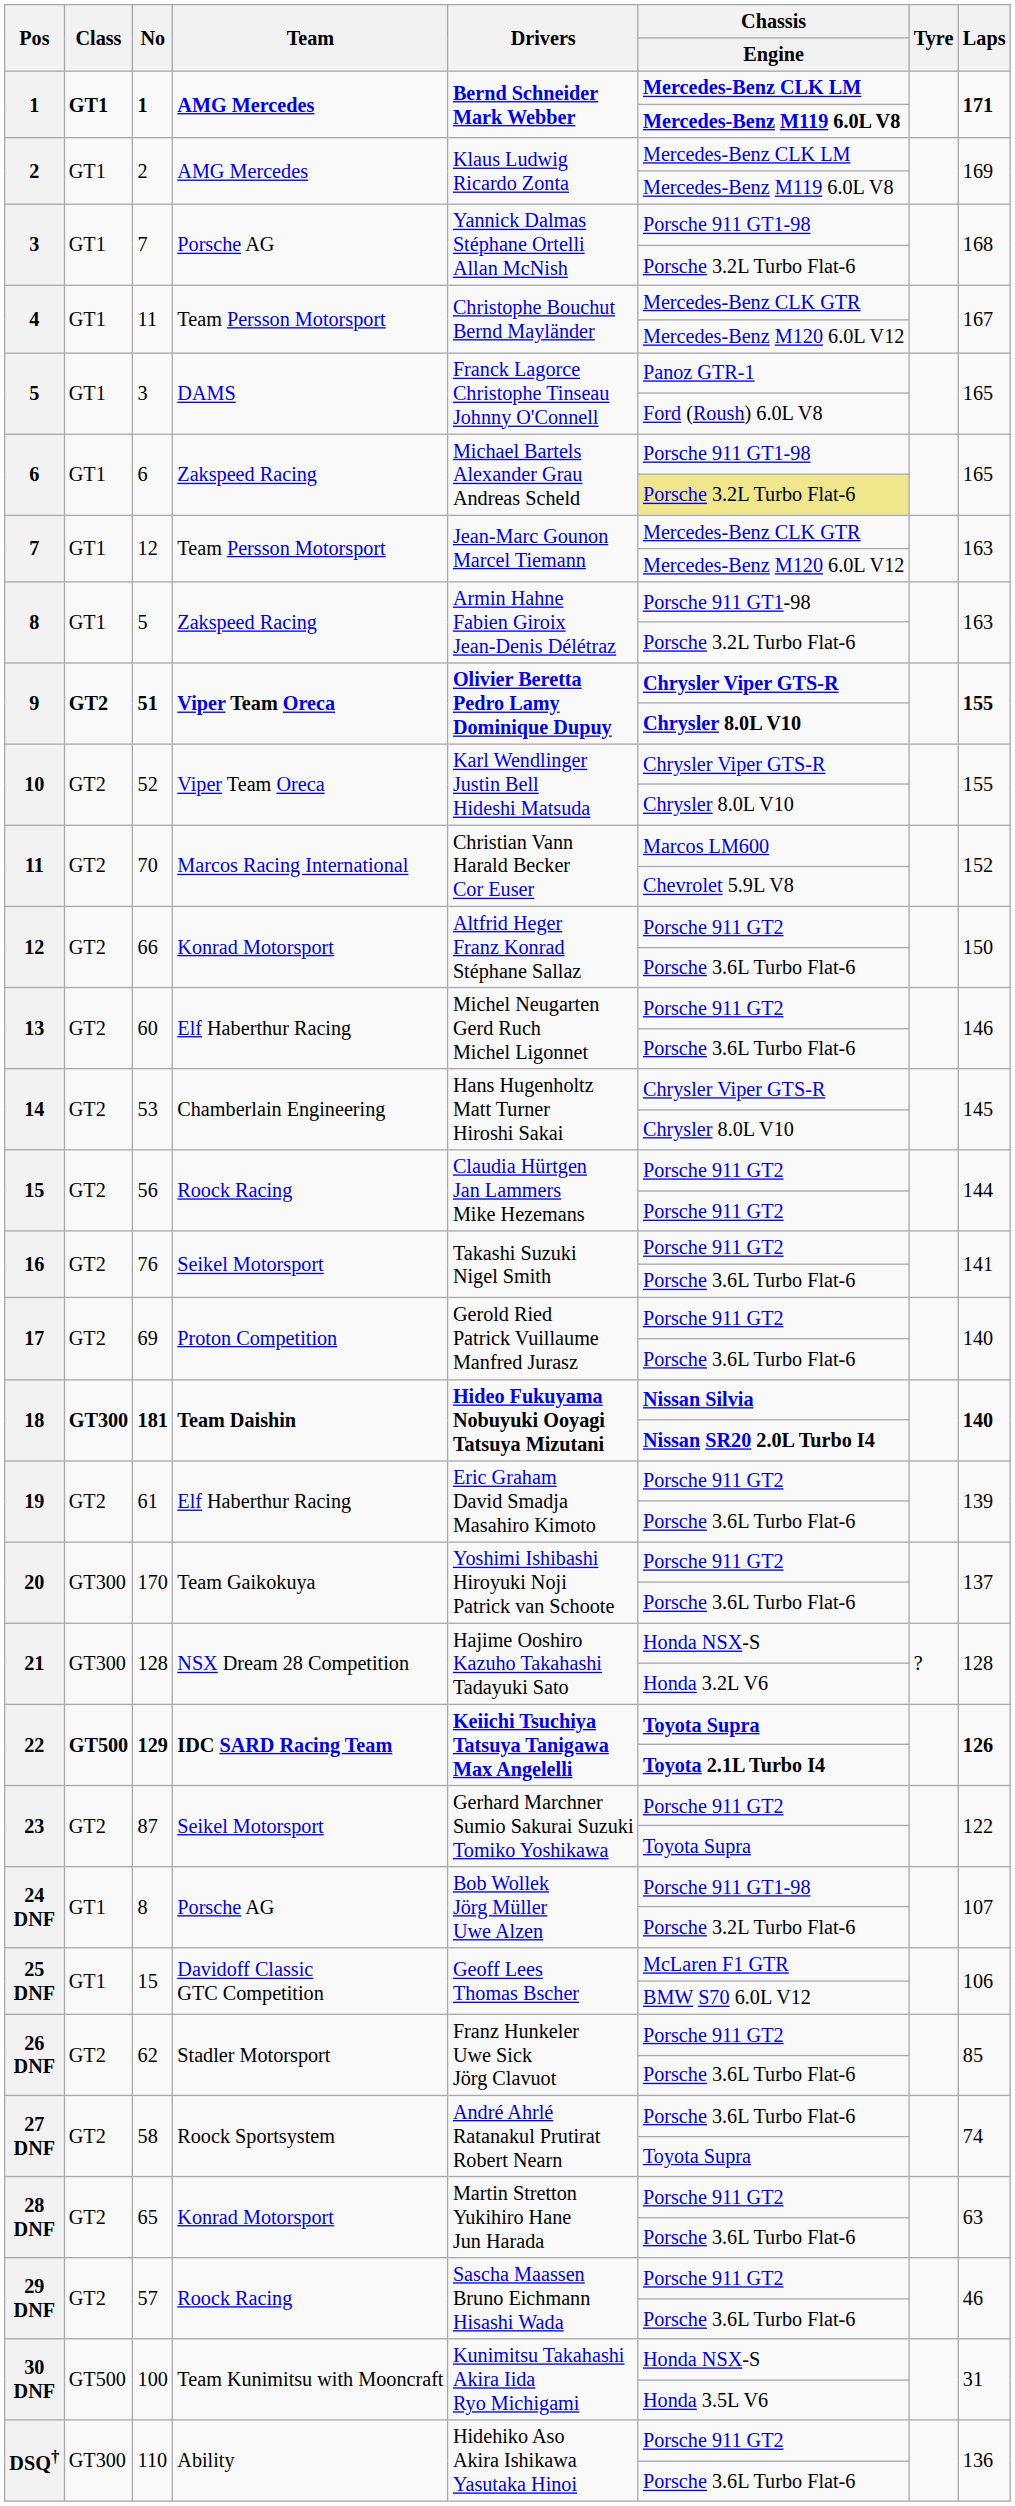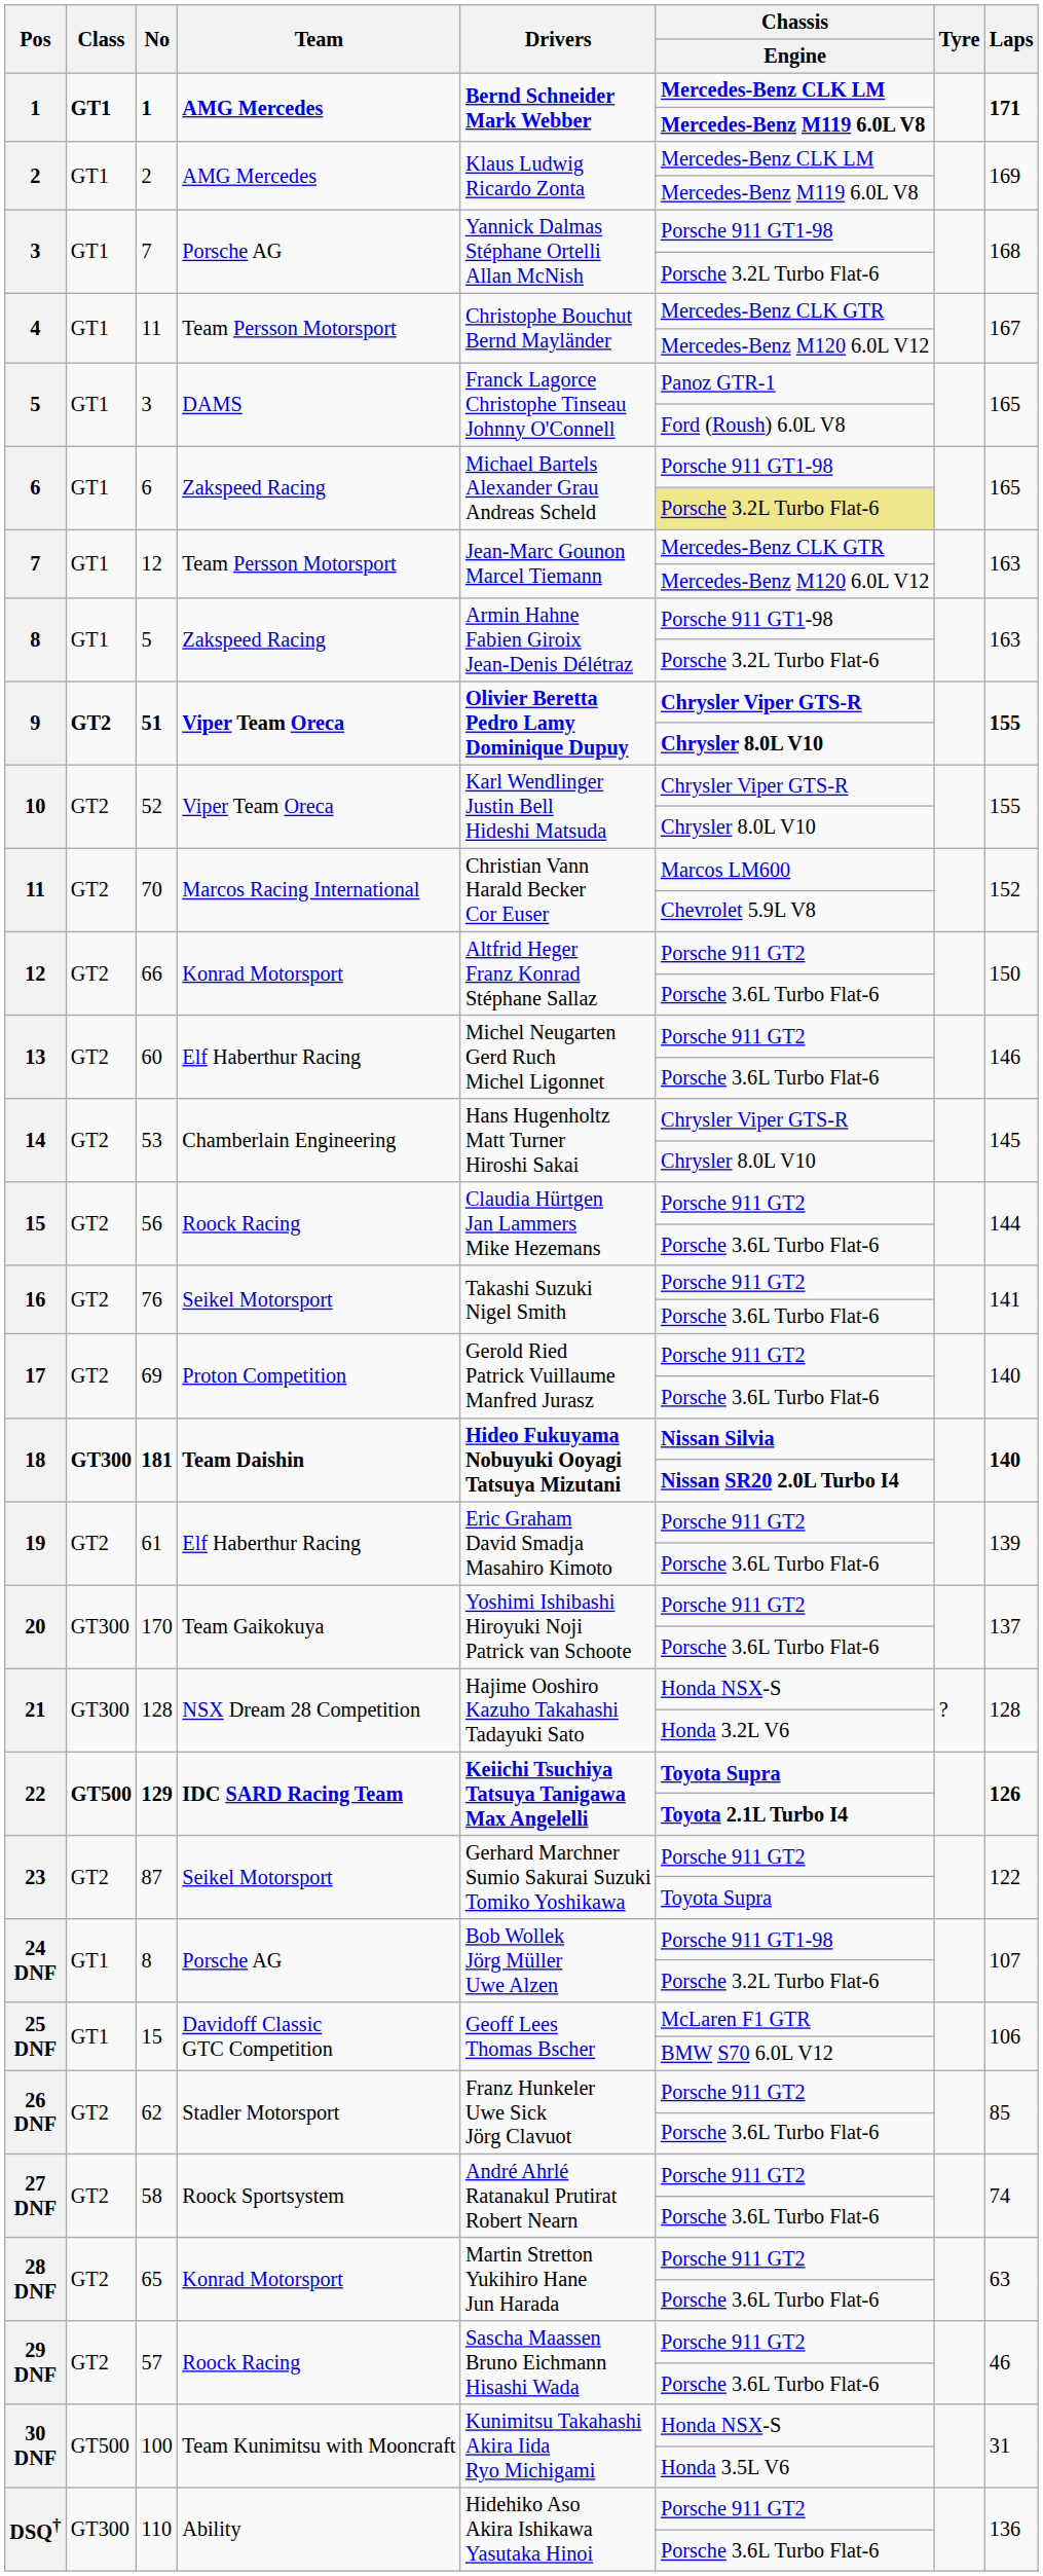 <table class="wikitable" style="font-size: 95%;">
 <tr>
 <th rowspan=2>Pos</th>
 <th rowspan=2>Class</th>
 <th rowspan=2>No</th>
 <th rowspan=2>Team</th>
 <th rowspan=2>Drivers</th>
 <th>Chassis</th>
 <th rowspan=2>Tyre</th>
 <th rowspan=2>Laps</th>
 </tr>
 <tr>
 <th>Engine</th>
 </tr>
 <tr style="font-weight:bold">
 <th rowspan=2>1</th>
 <td rowspan=2>GT1</td>
 <td rowspan=2>1</td>
 <td rowspan=2> <a href='#'>AMG Mercedes</a></td>
 <td rowspan=2> <a href='#'>Bernd Schneider</a><br> <a href='#'>Mark Webber</a></td>
 <td><a href='#'>Mercedes-Benz CLK LM</a></td>
 <td rowspan=2></td>
 <td rowspan=2>171</td>
 </tr>
 <tr style="font-weight:bold">
 <td><a href='#'>Mercedes-Benz</a> <a href='#'>M119</a> 6.0L V8</td>
 </tr>
 <tr>
 <th rowspan=2>2</th>
 <td rowspan=2>GT1</td>
 <td rowspan=2>2</td>
 <td rowspan=2> <a href='#'>AMG Mercedes</a></td>
 <td rowspan=2> <a href='#'>Klaus Ludwig</a><br> <a href='#'>Ricardo Zonta</a></td>
 <td><a href='#'>Mercedes-Benz CLK LM</a></td>
 <td rowspan=2></td>
 <td rowspan=2>169</td>
 </tr>
 <tr>
 <td><a href='#'>Mercedes-Benz</a> <a href='#'>M119</a> 6.0L V8</td>
 </tr>
 <tr>
 <th rowspan=2>3</th>
 <td rowspan=2>GT1</td>
 <td rowspan=2>7</td>
 <td rowspan=2> <a href='#'>Porsche</a> AG</td>
 <td rowspan=2> <a href='#'>Yannick Dalmas</a><br> <a href='#'>Stéphane Ortelli</a><br> <a href='#'>Allan McNish</a></td>
 <td><a href='#'>Porsche 911 GT1-98</a></td>
 <td rowspan=2></td>
 <td rowspan=2>168</td>
 </tr>
 <tr>
 <td><a href='#'>Porsche</a> 3.2L Turbo Flat-6</td>
 </tr>
 <tr>
 <th rowspan=2>4</th>
 <td rowspan=2>GT1</td>
 <td rowspan=2>11</td>
 <td rowspan=2> Team <a href='#'>Persson Motorsport</a></td>
 <td rowspan=2> <a href='#'>Christophe Bouchut</a><br> <a href='#'>Bernd Mayländer</a></td>
 <td><a href='#'>Mercedes-Benz CLK GTR</a></td>
 <td rowspan=2></td>
 <td rowspan=2>167</td>
 </tr>
 <tr>
 <td><a href='#'>Mercedes-Benz</a> <a href='#'>M120</a> 6.0L V12</td>
 </tr>
 <tr>
 <th rowspan=2>5</th>
 <td rowspan=2>GT1</td>
 <td rowspan=2>3</td>
 <td rowspan=2> <a href='#'>DAMS</a></td>
 <td rowspan=2> <a href='#'>Franck Lagorce</a><br> <a href='#'>Christophe Tinseau</a><br> <a href='#'>Johnny O'Connell</a></td>
 <td><a href='#'>Panoz GTR-1</a></td>
 <td rowspan=2></td>
 <td rowspan=2>165</td>
 </tr>
 <tr>
 <td><a href='#'>Ford</a> (<a href='#'>Roush</a>) 6.0L V8</td>
 </tr>
 <tr>
 <th rowspan=2>6</th>
 <td rowspan=2>GT1</td>
 <td rowspan=2>6</td>
 <td rowspan=2> <a href='#'>Zakspeed Racing</a></td>
 <td rowspan=2> <a href='#'>Michael Bartels</a><br> <a href='#'>Alexander Grau</a><br> Andreas Scheld</td>
 <td><a href='#'>Porsche 911 GT1-98</a></td>
 <td rowspan=2></td>
 <td rowspan=2>165</td>
 </tr>
 <tr>
 <td style="background: khaki;"><a href='#'>Porsche</a> 3.2L Turbo Flat-6</td>
 </tr>
 <tr>
 <th rowspan=2>7</th>
 <td rowspan=2>GT1</td>
 <td rowspan=2>12</td>
 <td rowspan=2> Team <a href='#'>Persson Motorsport</a></td>
 <td rowspan=2> <a href='#'>Jean-Marc Gounon</a><br> <a href='#'>Marcel Tiemann</a></td>
 <td><a href='#'>Mercedes-Benz CLK GTR</a></td>
 <td rowspan=2></td>
 <td rowspan=2>163</td>
 </tr>
 <tr>
 <td><a href='#'>Mercedes-Benz</a> <a href='#'>M120</a> 6.0L V12</td>
 </tr>
 <tr>
 <th rowspan=2>8</th>
 <td rowspan=2>GT1</td>
 <td rowspan=2>5</td>
 <td rowspan=2> <a href='#'>Zakspeed Racing</a></td>
 <td rowspan=2> <a href='#'>Armin Hahne</a><br> <a href='#'>Fabien Giroix</a><br> <a href='#'>Jean-Denis Délétraz</a></td>
 <td><a href='#'>Porsche 911 GT1</a>-98</td>
 <td rowspan=2></td>
 <td rowspan=2>163</td>
 </tr>
 <tr>
 <td><a href='#'>Porsche</a> 3.2L Turbo Flat-6</td>
 </tr>
 <tr style="font-weight:bold">
 <th rowspan=2>9</th>
 <td rowspan=2>GT2</td>
 <td rowspan=2>51</td>
 <td rowspan=2> <a href='#'>Viper</a> Team <a href='#'>Oreca</a></td>
 <td rowspan=2> <a href='#'>Olivier Beretta</a><br> <a href='#'>Pedro Lamy</a><br> <a href='#'>Dominique Dupuy</a></td>
 <td><a href='#'>Chrysler Viper GTS-R</a></td>
 <td rowspan=2></td>
 <td rowspan=2>155</td>
 </tr>
 <tr style="font-weight:bold">
 <td><a href='#'>Chrysler</a> 8.0L V10</td>
 </tr>
 <tr>
 <th rowspan=2>10</th>
 <td rowspan=2>GT2</td>
 <td rowspan=2>52</td>
 <td rowspan=2> <a href='#'>Viper</a> Team <a href='#'>Oreca</a></td>
 <td rowspan=2> <a href='#'>Karl Wendlinger</a><br> <a href='#'>Justin Bell</a><br> <a href='#'>Hideshi Matsuda</a></td>
 <td><a href='#'>Chrysler Viper GTS-R</a></td>
 <td rowspan=2></td>
 <td rowspan=2>155</td>
 </tr>
 <tr>
 <td><a href='#'>Chrysler</a> 8.0L V10</td>
 </tr>
 <tr>
 <th rowspan=2>11</th>
 <td rowspan=2>GT2</td>
 <td rowspan=2>70</td>
 <td rowspan=2> <a href='#'>Marcos Racing International</a></td>
 <td rowspan=2> Christian Vann<br> Harald Becker<br> <a href='#'>Cor Euser</a></td>
 <td><a href='#'>Marcos LM600</a></td>
 <td rowspan=2></td>
 <td rowspan=2>152</td>
 </tr>
 <tr>
 <td><a href='#'>Chevrolet</a> 5.9L V8</td>
 </tr>
 <tr>
 <th rowspan=2>12</th>
 <td rowspan=2>GT2</td>
 <td rowspan=2>66</td>
 <td rowspan=2> <a href='#'>Konrad Motorsport</a></td>
 <td rowspan=2> <a href='#'>Altfrid Heger</a><br> <a href='#'>Franz Konrad</a><br> Stéphane Sallaz</td>
 <td><a href='#'>Porsche 911 GT2</a></td>
 <td rowspan=2></td>
 <td rowspan=2>150</td>
 </tr>
 <tr>
 <td><a href='#'>Porsche</a> 3.6L Turbo Flat-6</td>
 </tr>
 <tr>
 <th rowspan=2>13</th>
 <td rowspan=2>GT2</td>
 <td rowspan=2>60</td>
 <td rowspan=2> <a href='#'>Elf</a> Haberthur Racing</td>
 <td rowspan=2> Michel Neugarten<br> Gerd Ruch<br> Michel Ligonnet</td>
 <td><a href='#'>Porsche 911 GT2</a></td>
 <td rowspan=2></td>
 <td rowspan=2>146</td>
 </tr>
 <tr>
 <td><a href='#'>Porsche</a> 3.6L Turbo Flat-6</td>
 </tr>
 <tr>
 <th rowspan=2>14</th>
 <td rowspan=2>GT2</td>
 <td rowspan=2>53</td>
 <td rowspan=2> Chamberlain Engineering</td>
 <td rowspan=2> Hans Hugenholtz<br> Matt Turner<br> Hiroshi Sakai</td>
 <td><a href='#'>Chrysler Viper GTS-R</a></td>
 <td rowspan=2></td>
 <td rowspan=2>145</td>
 </tr>
 <tr>
 <td><a href='#'>Chrysler</a> 8.0L V10</td>
 </tr>
 <tr>
 <th rowspan=2>15</th>
 <td rowspan=2>GT2</td>
 <td rowspan=2>56</td>
 <td rowspan=2> <a href='#'>Roock Racing</a></td>
 <td rowspan=2> <a href='#'>Claudia Hürtgen</a><br> <a href='#'>Jan Lammers</a><br> Mike Hezemans</td>
 <td><a href='#'>Porsche 911 GT2</a></td>
 <td rowspan=2></td>
 <td rowspan=2>144</td>
 </tr>
 <tr>
-<td><a href='#'>Porsche 911 GT2</a></td>
+<td><a href='#'>Porsche</a> 3.6L Turbo Flat-6</td>
 </tr>
 <tr>
 <th rowspan=2>16</th>
 <td rowspan=2>GT2</td>
 <td rowspan=2>76</td>
 <td rowspan=2> <a href='#'>Seikel Motorsport</a></td>
 <td rowspan=2> Takashi Suzuki<br> Nigel Smith</td>
 <td><a href='#'>Porsche 911 GT2</a></td>
 <td rowspan=2></td>
 <td rowspan=2>141</td>
 </tr>
 <tr>
 <td><a href='#'>Porsche</a> 3.6L Turbo Flat-6</td>
 </tr>
 <tr>
 <th rowspan=2>17</th>
 <td rowspan=2>GT2</td>
 <td rowspan=2>69</td>
 <td rowspan=2> <a href='#'>Proton Competition</a></td>
 <td rowspan=2> Gerold Ried<br> Patrick Vuillaume<br> Manfred Jurasz</td>
 <td><a href='#'>Porsche 911 GT2</a></td>
 <td rowspan=2></td>
 <td rowspan=2>140</td>
 </tr>
 <tr>
 <td><a href='#'>Porsche</a> 3.6L Turbo Flat-6</td>
 </tr>
 <tr style="font-weight:bold">
 <th rowspan=2>18</th>
 <td rowspan=2>GT300</td>
 <td rowspan=2>181</td>
 <td rowspan=2> Team Daishin</td>
 <td rowspan=2> <a href='#'>Hideo Fukuyama</a><br> Nobuyuki Ooyagi<br> Tatsuya Mizutani</td>
 <td><a href='#'>Nissan Silvia</a></td>
 <td rowspan=2></td>
 <td rowspan=2>140</td>
 </tr>
 <tr style="font-weight:bold">
 <td><a href='#'>Nissan</a> <a href='#'>SR20</a> 2.0L Turbo I4</td>
 </tr>
 <tr>
 <th rowspan=2>19</th>
 <td rowspan=2>GT2</td>
 <td rowspan=2>61</td>
 <td rowspan=2> <a href='#'>Elf</a> Haberthur Racing</td>
 <td rowspan=2> <a href='#'>Eric Graham</a><br> David Smadja<br> Masahiro Kimoto</td>
 <td><a href='#'>Porsche 911 GT2</a></td>
 <td rowspan=2></td>
 <td rowspan=2>139</td>
 </tr>
 <tr>
 <td><a href='#'>Porsche</a> 3.6L Turbo Flat-6</td>
 </tr>
 <tr>
 <th rowspan=2>20</th>
 <td rowspan=2>GT300</td>
 <td rowspan=2>170</td>
 <td rowspan=2> Team Gaikokuya</td>
 <td rowspan=2> <a href='#'>Yoshimi Ishibashi</a><br> Hiroyuki Noji<br> Patrick van Schoote</td>
 <td><a href='#'>Porsche 911 GT2</a></td>
 <td rowspan=2></td>
 <td rowspan=2>137</td>
 </tr>
 <tr>
 <td><a href='#'>Porsche</a> 3.6L Turbo Flat-6</td>
 </tr>
 <tr>
 <th rowspan=2>21</th>
 <td rowspan=2>GT300</td>
 <td rowspan=2>128</td>
 <td rowspan=2> <a href='#'>NSX</a> Dream 28 Competition</td>
 <td rowspan=2> Hajime Ooshiro<br> <a href='#'>Kazuho Takahashi</a><br> Tadayuki Sato</td>
 <td><a href='#'>Honda NSX</a>-S</td>
 <td rowspan=2>?</td>
 <td rowspan=2>128</td>
 </tr>
 <tr>
 <td><a href='#'>Honda</a> 3.2L V6</td>
 </tr>
 <tr style="font-weight:bold">
 <th rowspan=2>22</th>
 <td rowspan=2>GT500</td>
 <td rowspan=2>129</td>
 <td rowspan=2> IDC <a href='#'>SARD Racing Team</a></td>
 <td rowspan=2> <a href='#'>Keiichi Tsuchiya</a><br> <a href='#'>Tatsuya Tanigawa</a><br> <a href='#'>Max Angelelli</a></td>
 <td><a href='#'>Toyota Supra</a></td>
 <td rowspan=2></td>
 <td rowspan=2>126</td>
 </tr>
 <tr style="font-weight:bold">
 <td><a href='#'>Toyota</a> 2.1L Turbo I4</td>
 </tr>
 <tr>
 <th rowspan=2>23</th>
 <td rowspan=2>GT2</td>
 <td rowspan=2>87</td>
 <td rowspan=2> <a href='#'>Seikel Motorsport</a></td>
 <td rowspan=2> Gerhard Marchner<br> Sumio Sakurai Suzuki<br> <a href='#'>Tomiko Yoshikawa</a></td>
 <td><a href='#'>Porsche 911 GT2</a></td>
 <td rowspan=2></td>
 <td rowspan=2>122</td>
 </tr>
 <tr>
 <td><a href='#'>Toyota Supra</a></td>
 </tr>
 <tr>
 <th rowspan=2>24<br>DNF</th>
 <td rowspan=2>GT1</td>
 <td rowspan=2>8</td>
 <td rowspan=2> <a href='#'>Porsche</a> AG</td>
 <td rowspan=2> <a href='#'>Bob Wollek</a><br> <a href='#'>Jörg Müller</a><br> <a href='#'>Uwe Alzen</a></td>
 <td><a href='#'>Porsche 911 GT1-98</a></td>
 <td rowspan=2></td>
 <td rowspan=2>107</td>
 </tr>
 <tr>
 <td><a href='#'>Porsche</a> 3.2L Turbo Flat-6</td>
 </tr>
 <tr>
 <th rowspan=2>25<br>DNF</th>
 <td rowspan=2>GT1</td>
 <td rowspan=2>15</td>
 <td rowspan=2> <a href='#'>Davidoff Classic</a><br> GTC Competition</td>
 <td rowspan=2> <a href='#'>Geoff Lees</a><br> <a href='#'>Thomas Bscher</a></td>
 <td><a href='#'>McLaren F1 GTR</a></td>
 <td rowspan=2></td>
 <td rowspan=2>106</td>
 </tr>
 <tr>
 <td><a href='#'>BMW</a> <a href='#'>S70</a> 6.0L V12</td>
 </tr>
 <tr>
 <th rowspan=2>26<br>DNF</th>
 <td rowspan=2>GT2</td>
 <td rowspan=2>62</td>
 <td rowspan=2> Stadler Motorsport</td>
 <td rowspan=2> Franz Hunkeler<br> Uwe Sick<br> Jörg Clavuot</td>
 <td><a href='#'>Porsche 911 GT2</a></td>
 <td rowspan=2></td>
 <td rowspan=2>85</td>
 </tr>
 <tr>
 <td><a href='#'>Porsche</a> 3.6L Turbo Flat-6</td>
 </tr>
 <tr>
 <th rowspan=2>27<br>DNF</th>
 <td rowspan=2>GT2</td>
 <td rowspan=2>58</td>
 <td rowspan=2><a href='#'></a> Roock Sportsystem</td>
 <td rowspan=2> <a href='#'>André Ahrlé</a><br> Ratanakul Prutirat<br> Robert Nearn</td>
-<td><a href='#'>Porsche</a> 3.6L Turbo Flat-6</td>
+<td><a href='#'>Porsche 911 GT2</a></td>
 <td rowspan=2></td>
 <td rowspan=2>74</td>
 </tr>
 <tr>
-<td><a href='#'>Toyota Supra</a></td>
+<td><a href='#'>Porsche</a> 3.6L Turbo Flat-6</td>
 </tr>
 <tr>
 <th rowspan=2>28<br>DNF</th>
 <td rowspan=2>GT2</td>
 <td rowspan=2>65</td>
 <td rowspan=2> <a href='#'>Konrad Motorsport</a></td>
 <td rowspan=2> Martin Stretton<br> Yukihiro Hane<br> Jun Harada</td>
 <td><a href='#'>Porsche 911 GT2</a></td>
 <td rowspan=2></td>
 <td rowspan=2>63</td>
 </tr>
 <tr>
 <td><a href='#'>Porsche</a> 3.6L Turbo Flat-6</td>
 </tr>
 <tr>
 <th rowspan=2>29<br>DNF</th>
 <td rowspan=2>GT2</td>
 <td rowspan=2>57</td>
 <td rowspan=2> <a href='#'>Roock Racing</a></td>
 <td rowspan=2> <a href='#'>Sascha Maassen</a><br> Bruno Eichmann<br> <a href='#'>Hisashi Wada</a></td>
 <td><a href='#'>Porsche 911 GT2</a></td>
 <td rowspan=2></td>
 <td rowspan=2>46</td>
 </tr>
 <tr>
 <td><a href='#'>Porsche</a> 3.6L Turbo Flat-6</td>
 </tr>
 <tr>
 <th rowspan=2>30<br>DNF</th>
 <td rowspan=2>GT500</td>
 <td rowspan=2>100</td>
 <td rowspan=2> Team Kunimitsu with Mooncraft</td>
 <td rowspan=2> <a href='#'>Kunimitsu Takahashi</a><br> <a href='#'>Akira Iida</a><br> <a href='#'>Ryo Michigami</a></td>
 <td><a href='#'>Honda NSX</a>-S</td>
 <td rowspan=2></td>
 <td rowspan=2>31</td>
 </tr>
 <tr>
 <td><a href='#'>Honda</a> 3.5L V6</td>
 </tr>
 <tr>
 <th rowspan=2>DSQ<sup>†</sup></th>
 <td rowspan=2>GT300</td>
 <td rowspan=2>110</td>
 <td rowspan=2> Ability</td>
 <td rowspan=2> Hidehiko Aso<br> Akira Ishikawa<br> <a href='#'>Yasutaka Hinoi</a></td>
 <td><a href='#'>Porsche 911 GT2</a></td>
 <td rowspan=2></td>
 <td rowspan=2>136</td>
 </tr>
 <tr>
 <td><a href='#'>Porsche</a> 3.6L Turbo Flat-6</td>
 </tr>
 </table>
